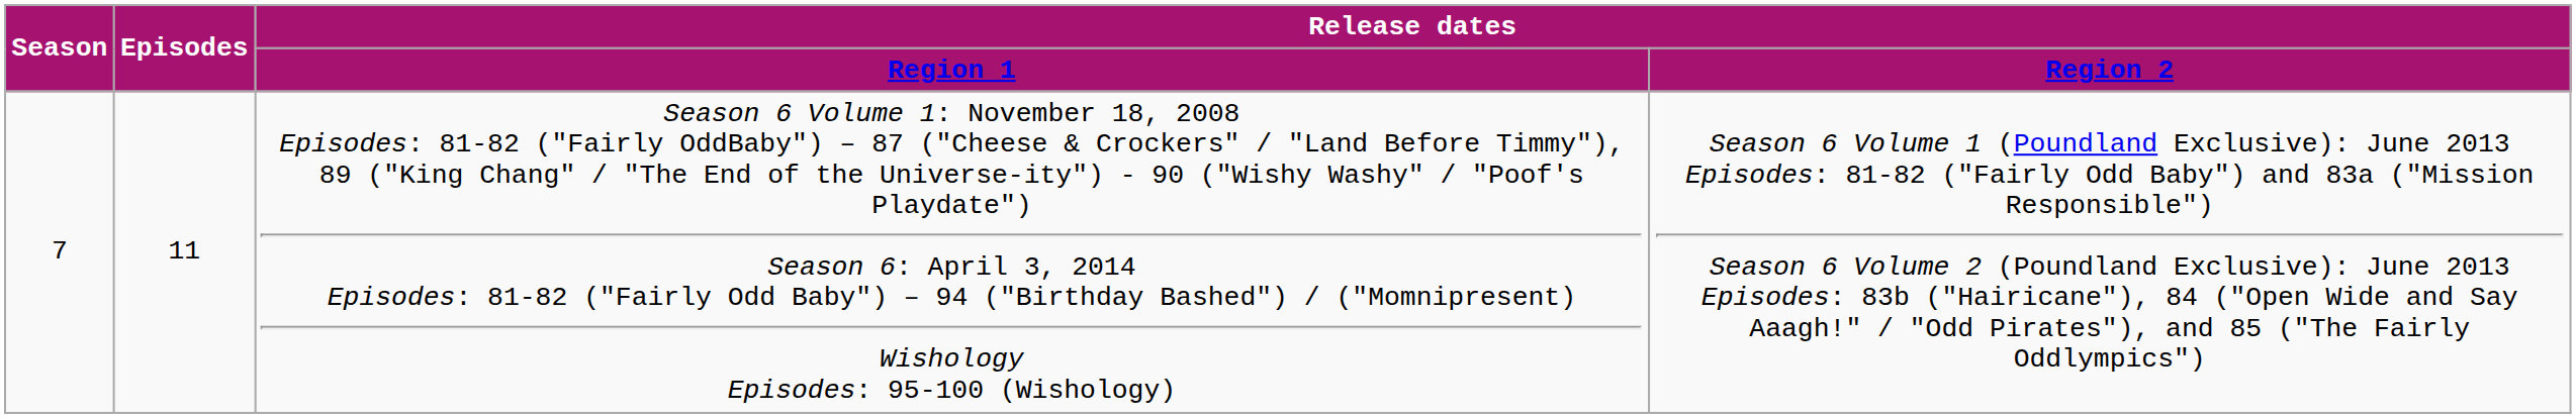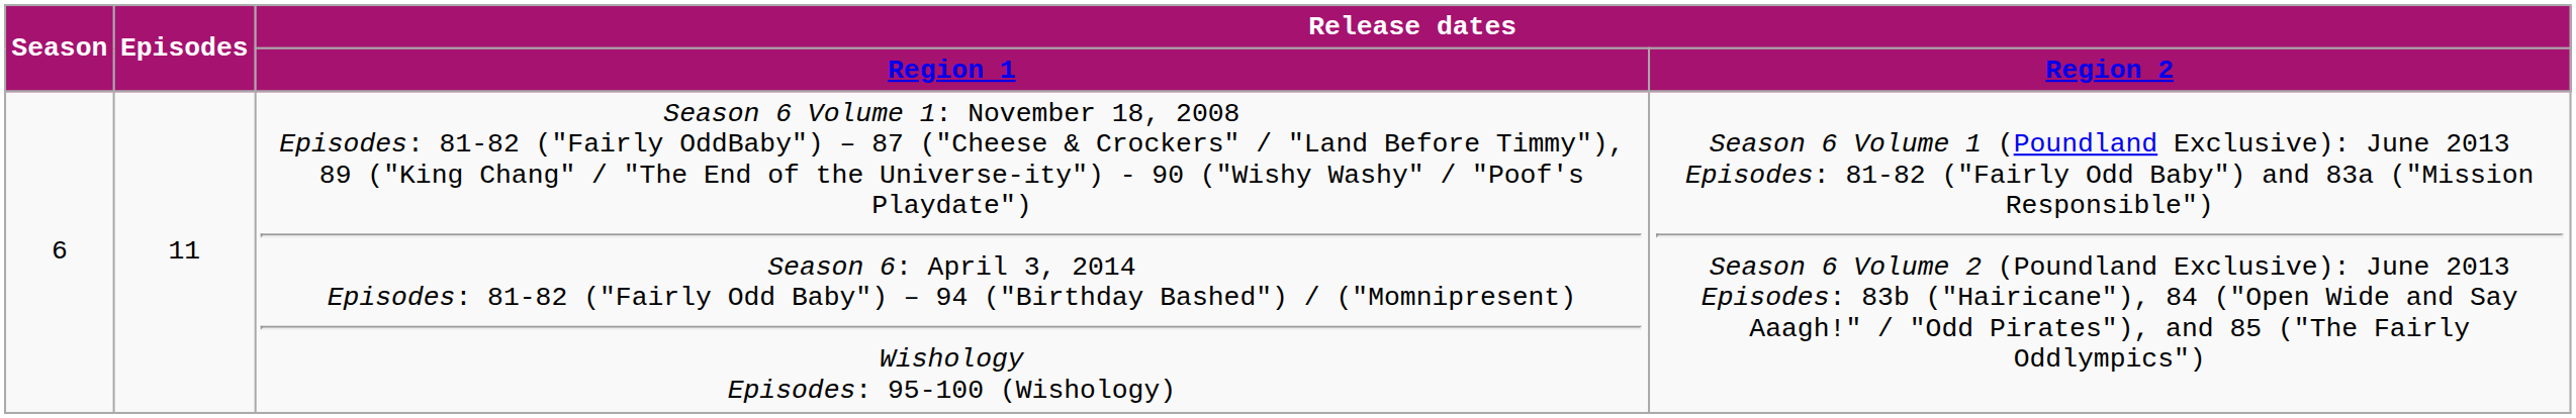 <table class="wikitable" style="text-align: center;">
 <tr>
 <th rowspan=2 style="background:#A61270;color:#ffffff">Season</th>
 <th rowspan=2 style="background:#A61270;color:#ffffff">Episodes</th>
 <th colspan=2 style="background:#A61270;color:#ffffff">Release dates</th>
 </tr>
 <tr>
 <th style="background:#A61270;color:#ffffff"><a href='#'>Region 1</a></th>
 <th style="background:#A61270;color:#ffffff"><a href='#'>Region 2</a></th>
 </tr>
 <tr>
-<td>7</td>
+<td>6</td>
 <td>11</td>
 <td><em>Season 6 Volume 1</em>: November 18, 2008<br><em>Episodes</em>: 81-82 ("Fairly OddBaby") – 87 ("Cheese & Crockers" / "Land Before Timmy"), 89 ("King Chang" / "The End of the Universe-ity") - 90 ("Wishy Washy" / "Poof's Playdate") <hr><em>Season 6</em>: April 3, 2014<br><em>Episodes</em>: 81-82 ("Fairly Odd Baby") – 94 ("Birthday Bashed") / ("Momnipresent)<hr><em>Wishology</em><br><em>Episodes</em>: 95-100 (Wishology)</td>
 <td><em>Season 6 Volume 1</em> (<a href='#'>Poundland</a> Exclusive): June 2013<br><em>Episodes</em>: 81-82 ("Fairly Odd Baby") and 83a ("Mission Responsible")<hr><em>Season 6 Volume 2</em> (Poundland Exclusive): June 2013<br><em>Episodes</em>: 83b ("Hairicane"), 84 ("Open Wide and Say Aaagh!" / "Odd Pirates"), and 85 ("The Fairly Oddlympics")</td>
 </tr>
 </table>
